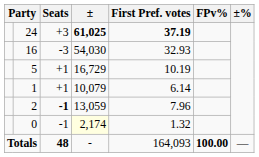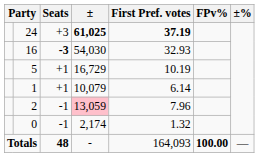 <table class=wikitable>
 <tr>
 <th colspan=2 align=center>Party</th>
 <th valign=top>Seats</th>
 <th valign=top>±</th>
 <th valign=top>First Pref. votes</th>
 <th valign=top>FPv%</th>
 <th valign=top>±%</th>
 </tr>
 <tr>
 <td></td>
 <td align=right>24</td>
 <td align=right>+3</td>
 <td align=right><strong>61,025</strong></td>
 <td align=right><strong>37.19</strong></td>
 <td align=right></td>
 </tr>
 <tr>
 <td></td>
 <td align=right>16</td>
-<td align=right>-3</td>
+<td align=right><strong>-3</strong></td>
 <td align=right>54,030</td>
 <td align=right>32.93</td>
 <td align=right></td>
 </tr>
 <tr>
 <td></td>
 <td align=right>5</td>
 <td align=right>+1</td>
 <td align=right>16,729</td>
 <td align=right>10.19</td>
 <td align=right></td>
 </tr>
 <tr>
 <td></td>
 <td align=right>1</td>
 <td align=right>+1</td>
 <td align=right>10,079</td>
 <td align=right>6.14</td>
 <td align=right></td>
 </tr>
 <tr>
 <td></td>
 <td align=right>2</td>
-<td align=right><strong>-1</strong></td>
-<td align=right>13,059</td>
+<td align=right>-1</td>
+<td align=right style="background: pink;">13,059</td>
 <td align=right>7.96</td>
 <td align=right></td>
 </tr>
 <tr>
 <td></td>
 <td align=right>0</td>
 <td align=right>-1</td>
-<td align=right style="background: lightyellow;">2,174</td>
+<td align=right>2,174</td>
 <td align=right>1.32</td>
 <td align=right></td>
 </tr>
 <tr>
 <td colspan=2 align=center><strong>Totals</strong></td>
 <td align=right><strong>48</strong></td>
 <td align=center>-</td>
 <td align=right>164,093</td>
 <td align=center><strong>100.00</strong></td>
 <td align=center>—</td>
 </tr>
 </table>
